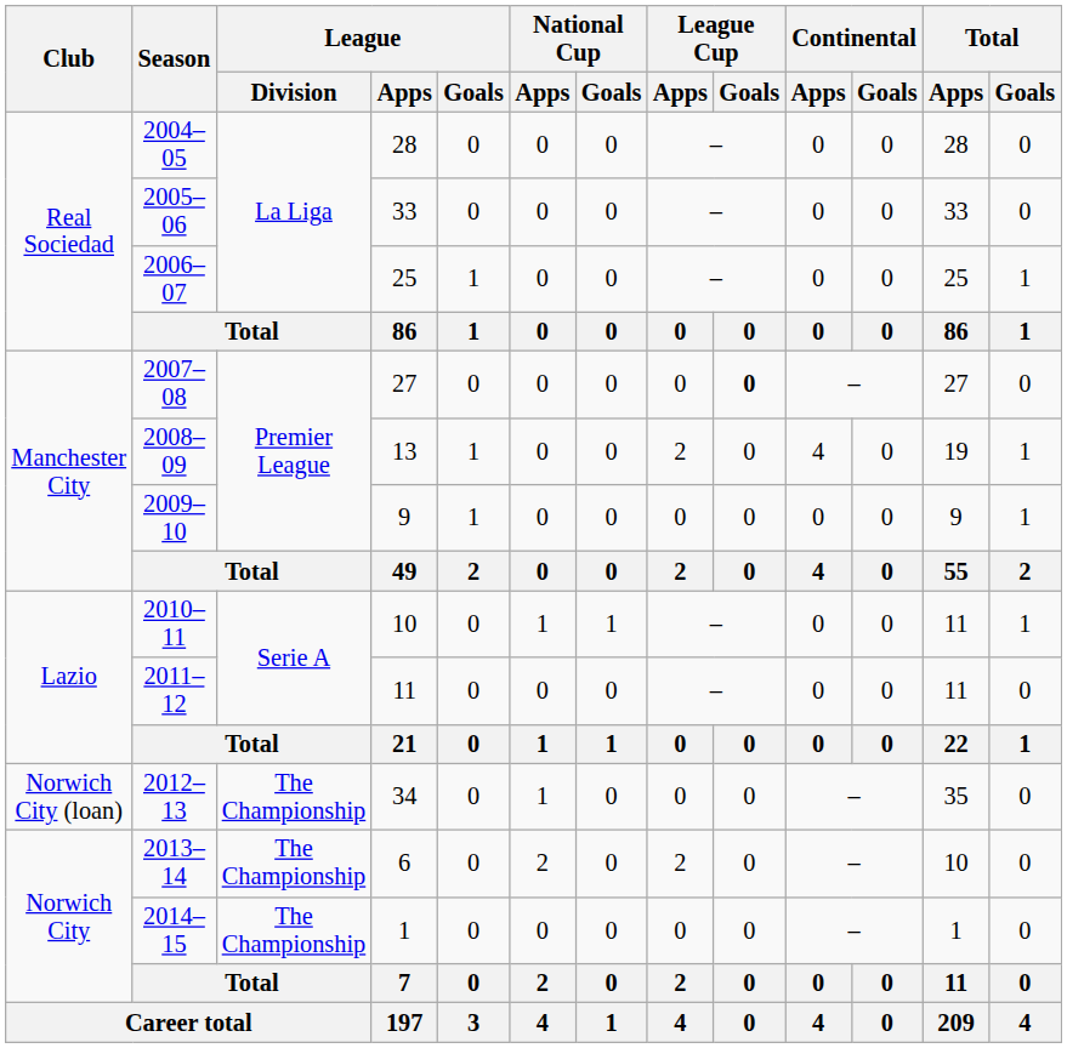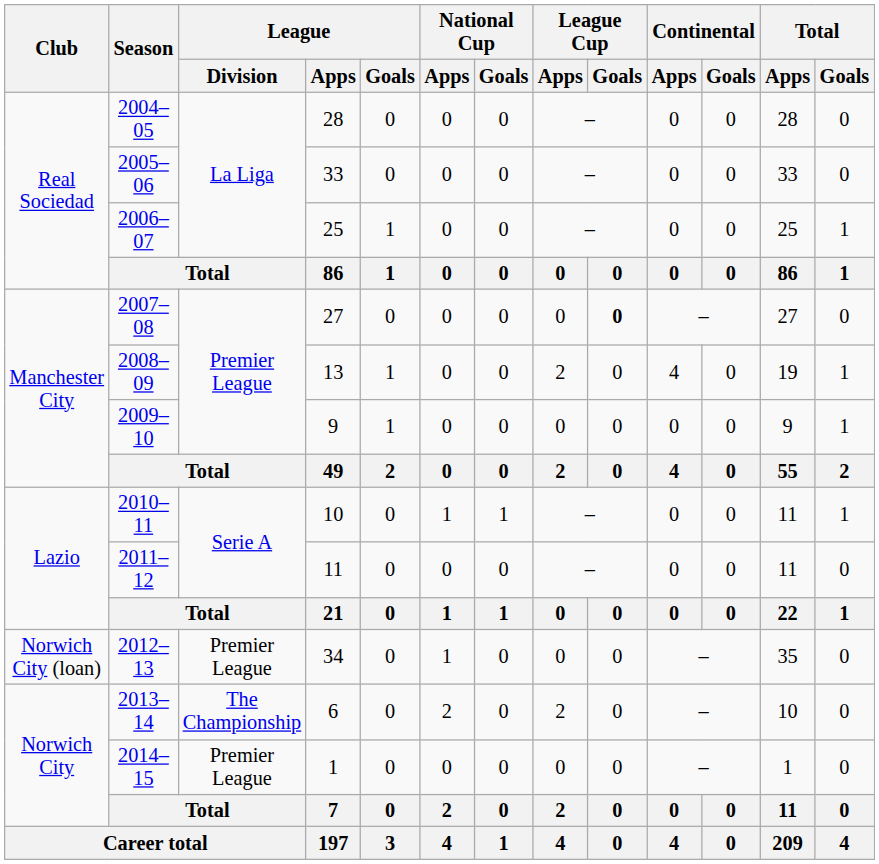 <table class="wikitable" style="text-align:center">
 <tr>
 <th rowspan="2">Club</th>
 <th rowspan="2">Season</th>
 <th colspan="3">League</th>
 <th colspan="2">National Cup</th>
 <th colspan="2">League Cup</th>
 <th colspan="2">Continental</th>
 <th colspan="2">Total</th>
 </tr>
 <tr>
 <th>Division</th>
 <th>Apps</th>
 <th>Goals</th>
 <th>Apps</th>
 <th>Goals</th>
 <th>Apps</th>
 <th>Goals</th>
 <th>Apps</th>
 <th>Goals</th>
 <th>Apps</th>
 <th>Goals</th>
 </tr>
 <tr>
 <td rowspan="4"><a href='#'>Real Sociedad</a></td>
 <td><a href='#'>2004–05</a></td>
 <td rowspan="3"><a href='#'>La Liga</a></td>
 <td>28</td>
 <td>0</td>
 <td>0</td>
 <td>0</td>
 <td colspan="2">–</td>
 <td>0</td>
 <td>0</td>
 <td>28</td>
 <td>0</td>
 </tr>
 <tr>
 <td><a href='#'>2005–06</a></td>
 <td>33</td>
 <td>0</td>
 <td>0</td>
 <td>0</td>
 <td colspan="2">–</td>
 <td>0</td>
 <td>0</td>
 <td>33</td>
 <td>0</td>
 </tr>
 <tr>
 <td><a href='#'>2006–07</a></td>
 <td>25</td>
 <td>1</td>
 <td>0</td>
 <td>0</td>
 <td colspan="2">–</td>
 <td>0</td>
 <td>0</td>
 <td>25</td>
 <td>1</td>
 </tr>
 <tr>
 <th colspan="2">Total</th>
 <th>86</th>
 <th>1</th>
 <th>0</th>
 <th>0</th>
 <th>0</th>
 <th>0</th>
 <th>0</th>
 <th>0</th>
 <th>86</th>
 <th>1</th>
 </tr>
 <tr>
 <td rowspan="4"><a href='#'>Manchester City</a></td>
 <td><a href='#'>2007–08</a></td>
 <td rowspan="3"><a href='#'>Premier League</a></td>
 <td>27</td>
 <td>0</td>
 <td>0</td>
 <td>0</td>
 <td>0</td>
 <td><strong>0</strong></td>
 <td colspan="2">–</td>
 <td>27</td>
 <td>0</td>
 </tr>
 <tr>
 <td><a href='#'>2008–09</a></td>
 <td>13</td>
 <td>1</td>
 <td>0</td>
 <td>0</td>
 <td>2</td>
 <td>0</td>
 <td>4</td>
 <td>0</td>
 <td>19</td>
 <td>1</td>
 </tr>
 <tr>
 <td><a href='#'>2009–10</a></td>
 <td>9</td>
 <td>1</td>
 <td>0</td>
 <td>0</td>
 <td>0</td>
 <td>0</td>
 <td>0</td>
 <td>0</td>
 <td>9</td>
 <td>1</td>
 </tr>
 <tr>
 <th colspan="2">Total</th>
 <th>49</th>
 <th>2</th>
 <th>0</th>
 <th>0</th>
 <th>2</th>
 <th>0</th>
 <th>4</th>
 <th>0</th>
 <th>55</th>
 <th>2</th>
 </tr>
 <tr>
 <td rowspan="3"><a href='#'>Lazio</a></td>
 <td><a href='#'>2010–11</a></td>
 <td rowspan="2"><a href='#'>Serie A</a></td>
 <td>10</td>
 <td>0</td>
 <td>1</td>
 <td>1</td>
 <td colspan="2">–</td>
 <td>0</td>
 <td>0</td>
 <td>11</td>
 <td>1</td>
 </tr>
 <tr>
 <td><a href='#'>2011–12</a></td>
 <td>11</td>
 <td>0</td>
 <td>0</td>
 <td>0</td>
 <td colspan="2">–</td>
 <td>0</td>
 <td>0</td>
 <td>11</td>
 <td>0</td>
 </tr>
 <tr>
 <th colspan="2">Total</th>
 <th>21</th>
 <th>0</th>
 <th>1</th>
 <th>1</th>
 <th>0</th>
 <th>0</th>
 <th>0</th>
 <th>0</th>
 <th>22</th>
 <th>1</th>
 </tr>
 <tr>
 <td><a href='#'>Norwich City</a> (loan)</td>
 <td><a href='#'>2012–13</a></td>
-<td><a href='#'>The Championship</a></td>
+<td>Premier League</td>
 <td>34</td>
 <td>0</td>
 <td>1</td>
 <td>0</td>
 <td>0</td>
 <td>0</td>
 <td colspan="2">–</td>
 <td>35</td>
 <td>0</td>
 </tr>
 <tr>
 <td rowspan="3"><a href='#'>Norwich City</a></td>
 <td><a href='#'>2013–14</a></td>
 <td><a href='#'>The Championship</a></td>
 <td>6</td>
 <td>0</td>
 <td>2</td>
 <td>0</td>
 <td>2</td>
 <td>0</td>
 <td colspan="2">–</td>
 <td>10</td>
 <td>0</td>
 </tr>
 <tr>
 <td><a href='#'>2014–15</a></td>
-<td><a href='#'>The Championship</a></td>
+<td>Premier League</td>
 <td>1</td>
 <td>0</td>
 <td>0</td>
 <td>0</td>
 <td>0</td>
 <td>0</td>
 <td colspan="2">–</td>
 <td>1</td>
 <td>0</td>
 </tr>
 <tr>
 <th colspan="2">Total</th>
 <th>7</th>
 <th>0</th>
 <th>2</th>
 <th>0</th>
 <th>2</th>
 <th>0</th>
 <th>0</th>
 <th>0</th>
 <th>11</th>
 <th>0</th>
 </tr>
 <tr>
 <th colspan="3">Career total</th>
 <th>197</th>
 <th>3</th>
 <th>4</th>
 <th>1</th>
 <th>4</th>
 <th>0</th>
 <th>4</th>
 <th>0</th>
 <th>209</th>
 <th>4</th>
 </tr>
 </table>
